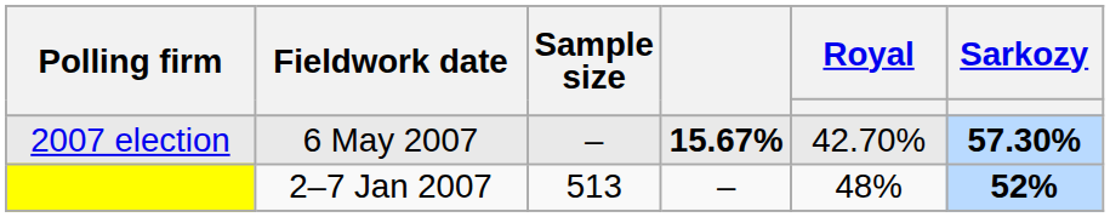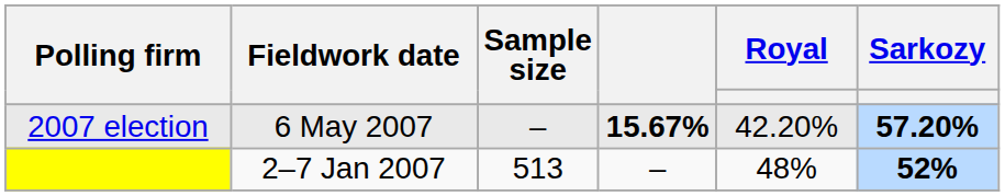 <table class="wikitable sortable" style="text-align:center;font-size:90%;line-height:14px;">
 <tr style="height:40px;">
 <th style="width:100px;" rowspan="2">Polling firm</th>
 <th style="width:110px;" rowspan="2">Fieldwork date</th>
 <th style="width:35px;" rowspan="2">Sample<br>size</th>
 <th style="width:30px;" rowspan="2"></th>
 <th class="unsortable" style="width:60px;"><a href='#'>Royal</a><br></th>
 <th class="unsortable" style="width:60px;"><a href='#'>Sarkozy</a><br></th>
 </tr>
 <tr>
 <th style="background:"></th>
 <th style="background:"></th>
 </tr>
 <tr style="background:#E9E9E9;">
 <td><a href='#'>2007 election</a></td>
 <td data-sort-value="2007-05-06">6 May 2007</td>
 <td>–</td>
 <td><strong>15.67%</strong></td>
-<td>42.70%</td>
-<td style="background:#B9DAFF;"><strong>57.30%</strong></td>
+<td>42.20%</td>
+<td style="background:#B9DAFF;"><strong>57.20%</strong></td>
 </tr>
 <tr>
 <td style="background:yellow;"></td>
 <td data-sort-value="2007-01-07">2–7 Jan 2007</td>
 <td>513</td>
 <td>–</td>
 <td>48%</td>
 <td style="background:#B9DAFF;"><strong>52%</strong></td>
 </tr>
 </table>
